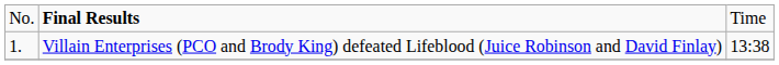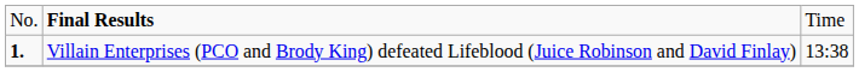 <table class="wikitable">
 <tr>
 <td>No.</td>
 <td><strong>Final Results</strong></td>
 <td>Time</td>
 </tr>
 <tr>
-<td>1.</td>
+<td><strong>1.</strong></td>
 <td><a href='#'>Villain Enterprises</a> (<a href='#'>PCO</a> and <a href='#'>Brody King</a>) defeated Lifeblood (<a href='#'>Juice Robinson</a> and <a href='#'>David Finlay</a>)</td>
 <td>13:38</td>
 </tr>
 <tr>
 </tr>
 </table>
